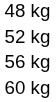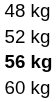 <table>
 <tr>
 <td rowspan=2>48 kg<br></td>
 <td rowspan=2></td>
 <td rowspan=2></td>
 <td></td>
 </tr>
 <tr>
 <td></td>
 </tr>
 <tr>
 <td rowspan=2>52 kg<br></td>
 <td rowspan=2></td>
 <td rowspan=2></td>
 <td></td>
 </tr>
 <tr>
 <td></td>
 </tr>
 <tr>
-<td>56 kg<br></td>
+<td><strong>56 kg<br></strong></td>
 <td></td>
 <td></td>
 <td></td>
 </tr>
 <tr>
 <td rowspan=2>60 kg<br></td>
 <td rowspan=2></td>
 <td rowspan=2></td>
 <td></td>
 </tr>
 <tr>
 <td></td>
 </tr>
 </table>
